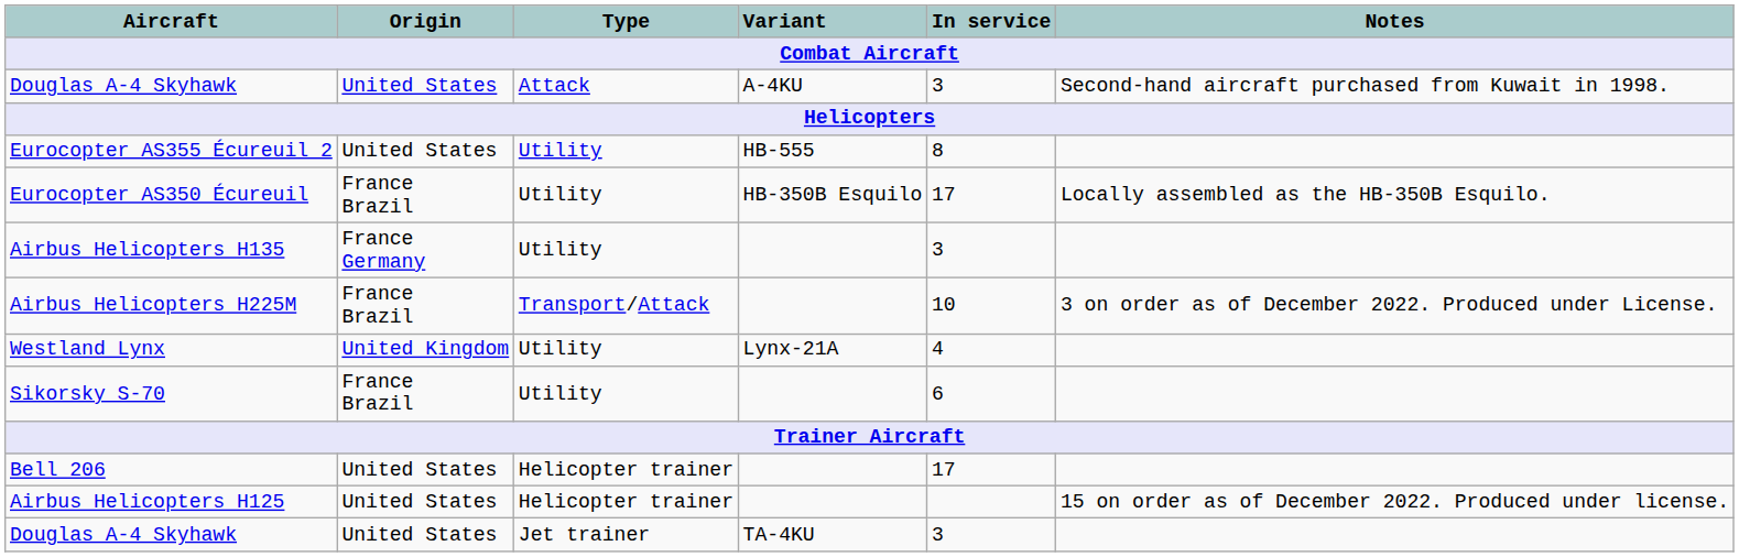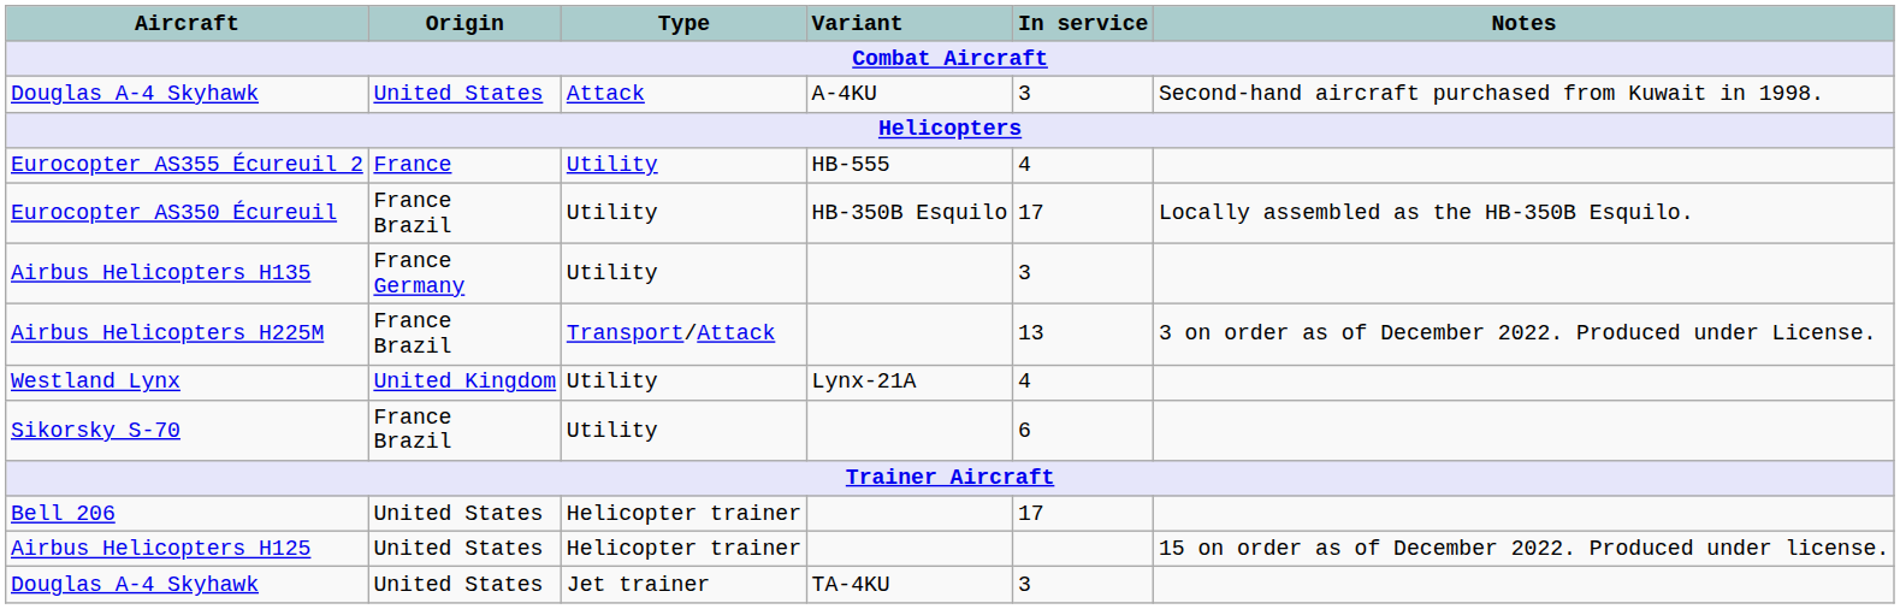 <table class="wikitable">
 <tr>
 <th style="text-align:center; background:#acc;">Aircraft</th>
 <th style="text-align: center; background:#acc;">Origin</th>
 <th style="text-align:l center; background:#acc;">Type</th>
 <th style="text-align:left; background:#acc;">Variant</th>
 <th style="text-align:center; background:#acc;">In service</th>
 <th style="text-align: center; background:#acc;">Notes</th>
 </tr>
 <tr>
 <th style="align: center; background: lavender;" colspan="7"><a href='#'>Combat Aircraft</a></th>
 </tr>
 <tr>
 <td><a href='#'>Douglas A-4 Skyhawk</a></td>
 <td><a href='#'>United States</a></td>
 <td><a href='#'>Attack</a></td>
 <td>A-4KU</td>
 <td>3</td>
 <td>Second-hand aircraft purchased from Kuwait in 1998.</td>
 </tr>
 <tr>
 <th style="align: center; background: lavender;" colspan="7"><a href='#'>Helicopters</a></th>
 </tr>
 <tr>
 <td><a href='#'>Eurocopter AS355 Écureuil 2</a></td>
-<td>United States</td>
+<td><a href='#'>France</a></td>
 <td><a href='#'>Utility</a></td>
 <td>HB-555</td>
-<td>8</td>
+<td>4</td>
 <td></td>
 </tr>
 <tr>
 <td><a href='#'>Eurocopter AS350 Écureuil</a></td>
 <td>France<br>Brazil</td>
 <td>Utility</td>
 <td>HB-350B Esquilo</td>
 <td>17</td>
 <td>Locally assembled as the HB-350B Esquilo.</td>
 </tr>
 <tr>
 <td><a href='#'>Airbus Helicopters H135</a></td>
 <td>France<br><a href='#'>Germany</a></td>
 <td>Utility</td>
 <td></td>
 <td>3</td>
 <td></td>
 </tr>
 <tr>
 <td><a href='#'>Airbus Helicopters H225M</a></td>
 <td>France<br>Brazil</td>
 <td><a href='#'>Transport</a>/<a href='#'>Attack</a></td>
 <td></td>
-<td>10</td>
+<td>13</td>
 <td>3 on order as of December 2022. Produced under License.</td>
 </tr>
 <tr>
 <td><a href='#'>Westland Lynx</a></td>
 <td><a href='#'>United Kingdom</a></td>
 <td>Utility</td>
 <td>Lynx-21A</td>
 <td>4</td>
 <td></td>
 </tr>
 <tr>
 <td><a href='#'>Sikorsky S-70</a></td>
 <td>France<br>Brazil</td>
 <td>Utility</td>
 <td></td>
 <td>6</td>
 <td></td>
 </tr>
 <tr>
 <th style="align: center; background: lavender;" colspan="7"><a href='#'>Trainer Aircraft</a></th>
 </tr>
 <tr>
 <td><a href='#'>Bell 206</a></td>
 <td>United States</td>
 <td>Helicopter trainer</td>
 <td></td>
 <td>17</td>
 <td></td>
 </tr>
 <tr>
 <td><a href='#'>Airbus Helicopters H125</a></td>
 <td>United States</td>
 <td>Helicopter trainer</td>
 <td></td>
 <td></td>
 <td>15 on order as of December 2022. Produced under license.</td>
 </tr>
 <tr>
 <td><a href='#'>Douglas A-4 Skyhawk</a></td>
 <td>United States</td>
 <td>Jet trainer</td>
 <td>TA-4KU</td>
 <td>3</td>
 <td></td>
 </tr>
 </table>
